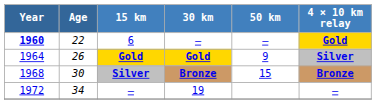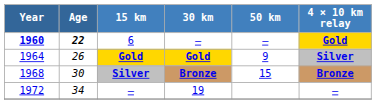 <table class="wikitable" style="font-size:95%; text-align:center; border:grey solid 1px; border-collapse:collapse; background:#ffffff;">
 <tr>
 <th style="background-color:#369; color:white; width:60px;"> Year </th>
 <th style="background-color:#369; color:white; width:40px;"> Age </th>
 <th style="background-color:#4180be; color:white; width:75px;"> 15 km </th>
 <th style="background-color:#4180be; color:white; width:75px;"> 30 km </th>
 <th style="background-color:#4180be; color:white; width:75px;"> 50 km </th>
 <th style="background-color:#4180be; color:white; width:75px;"> 4 × 10 km <br> relay </th>
 </tr>
 <tr>
 <td><strong><a href='#'>1960</a></strong></td>
-<td><em>22</em></td>
+<td><strong><em>22</em></strong></td>
 <td><a href='#'>6</a></td>
 <td><a href='#'>—</a></td>
 <td><a href='#'>—</a></td>
 <td style="background:gold;"><a href='#'><strong>Gold</strong></a></td>
 </tr>
 <tr>
 <td><a href='#'>1964</a></td>
 <td><em>26</em></td>
 <td style="background:gold;"><a href='#'><strong>Gold</strong></a></td>
 <td style="background:gold;"><a href='#'><strong>Gold</strong></a></td>
 <td><a href='#'>9</a></td>
 <td style="background:silver;"><a href='#'><strong>Silver</strong></a></td>
 </tr>
 <tr>
 <td><a href='#'>1968</a></td>
 <td><em>30</em></td>
 <td style="background:silver;"><a href='#'><strong>Silver</strong></a></td>
 <td bgcolor="cc9966"><a href='#'><strong>Bronze</strong></a></td>
 <td><a href='#'>15</a></td>
 <td bgcolor="cc9966"><a href='#'><strong>Bronze</strong></a></td>
 </tr>
 <tr>
 <td><a href='#'>1972</a></td>
 <td><em>34</em></td>
 <td><a href='#'>—</a></td>
 <td><a href='#'>19</a></td>
 <td><a href='#'></a></td>
 <td><a href='#'>—</a></td>
 </tr>
 <tr>
 </tr>
 </table>
